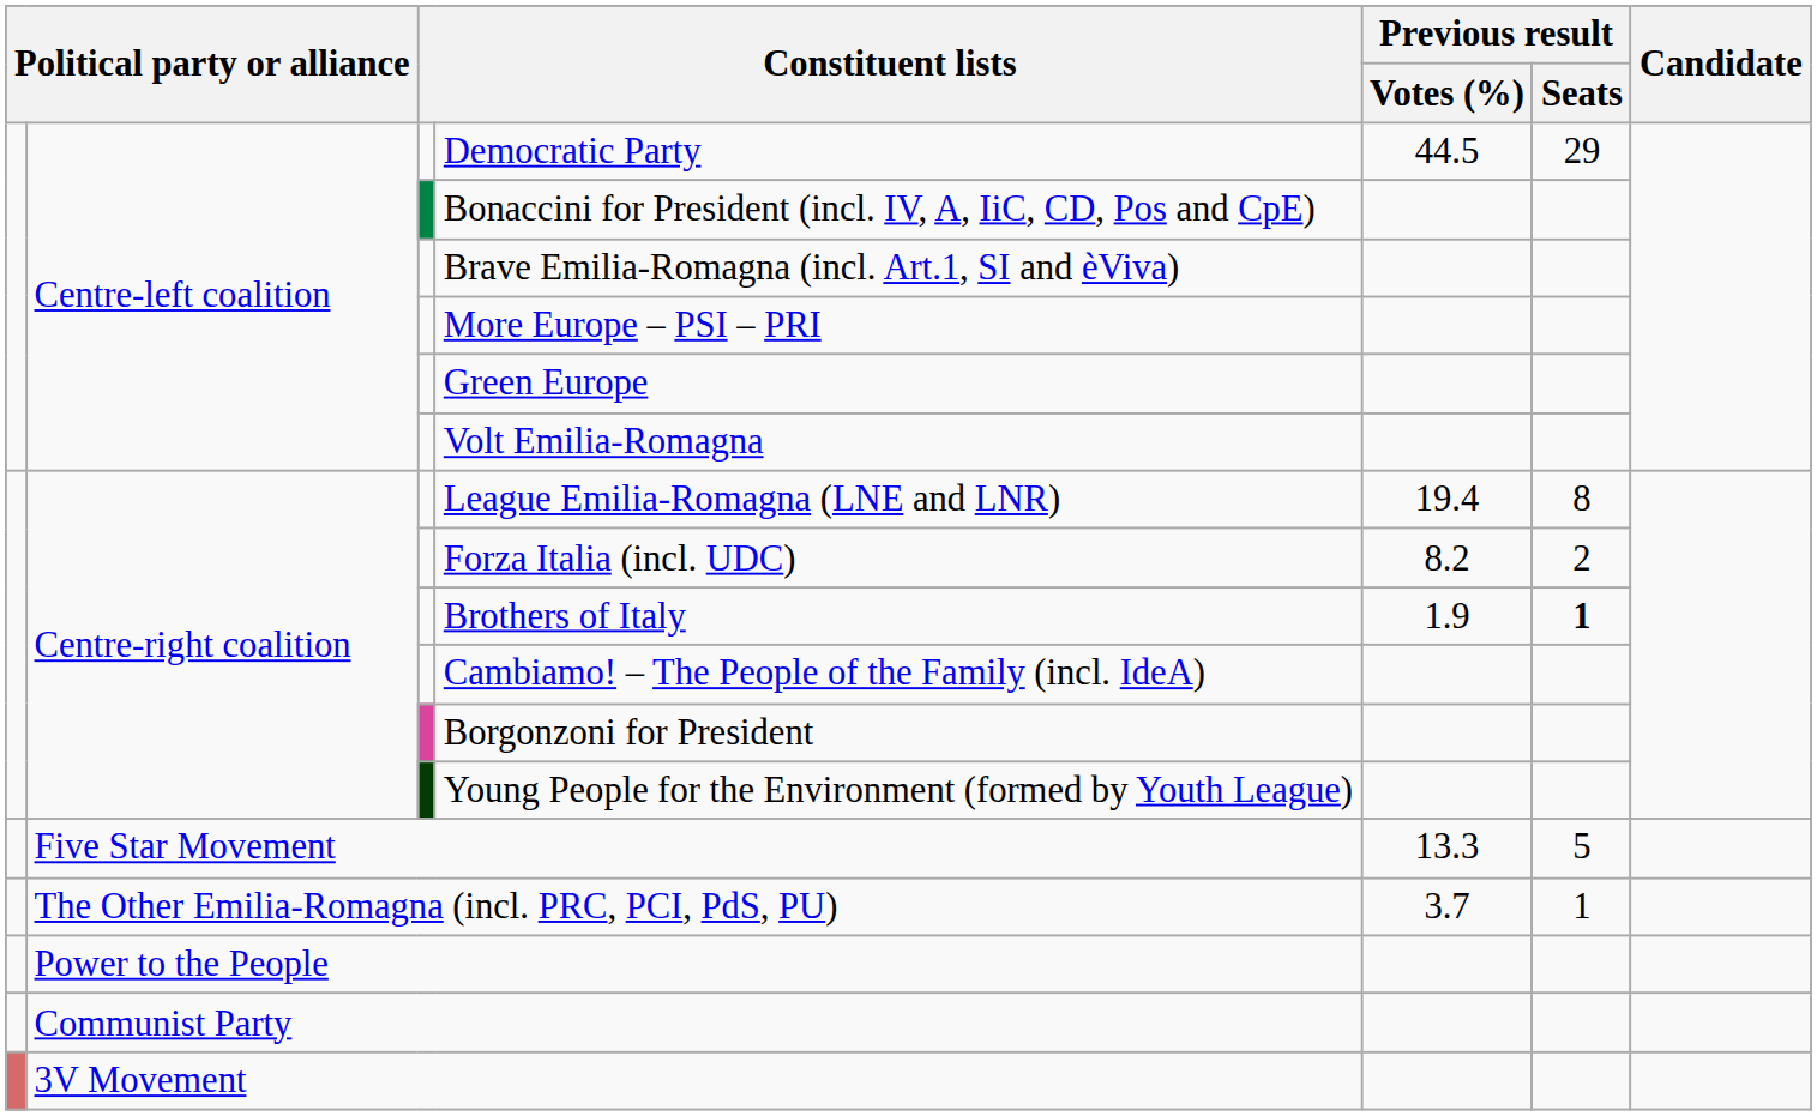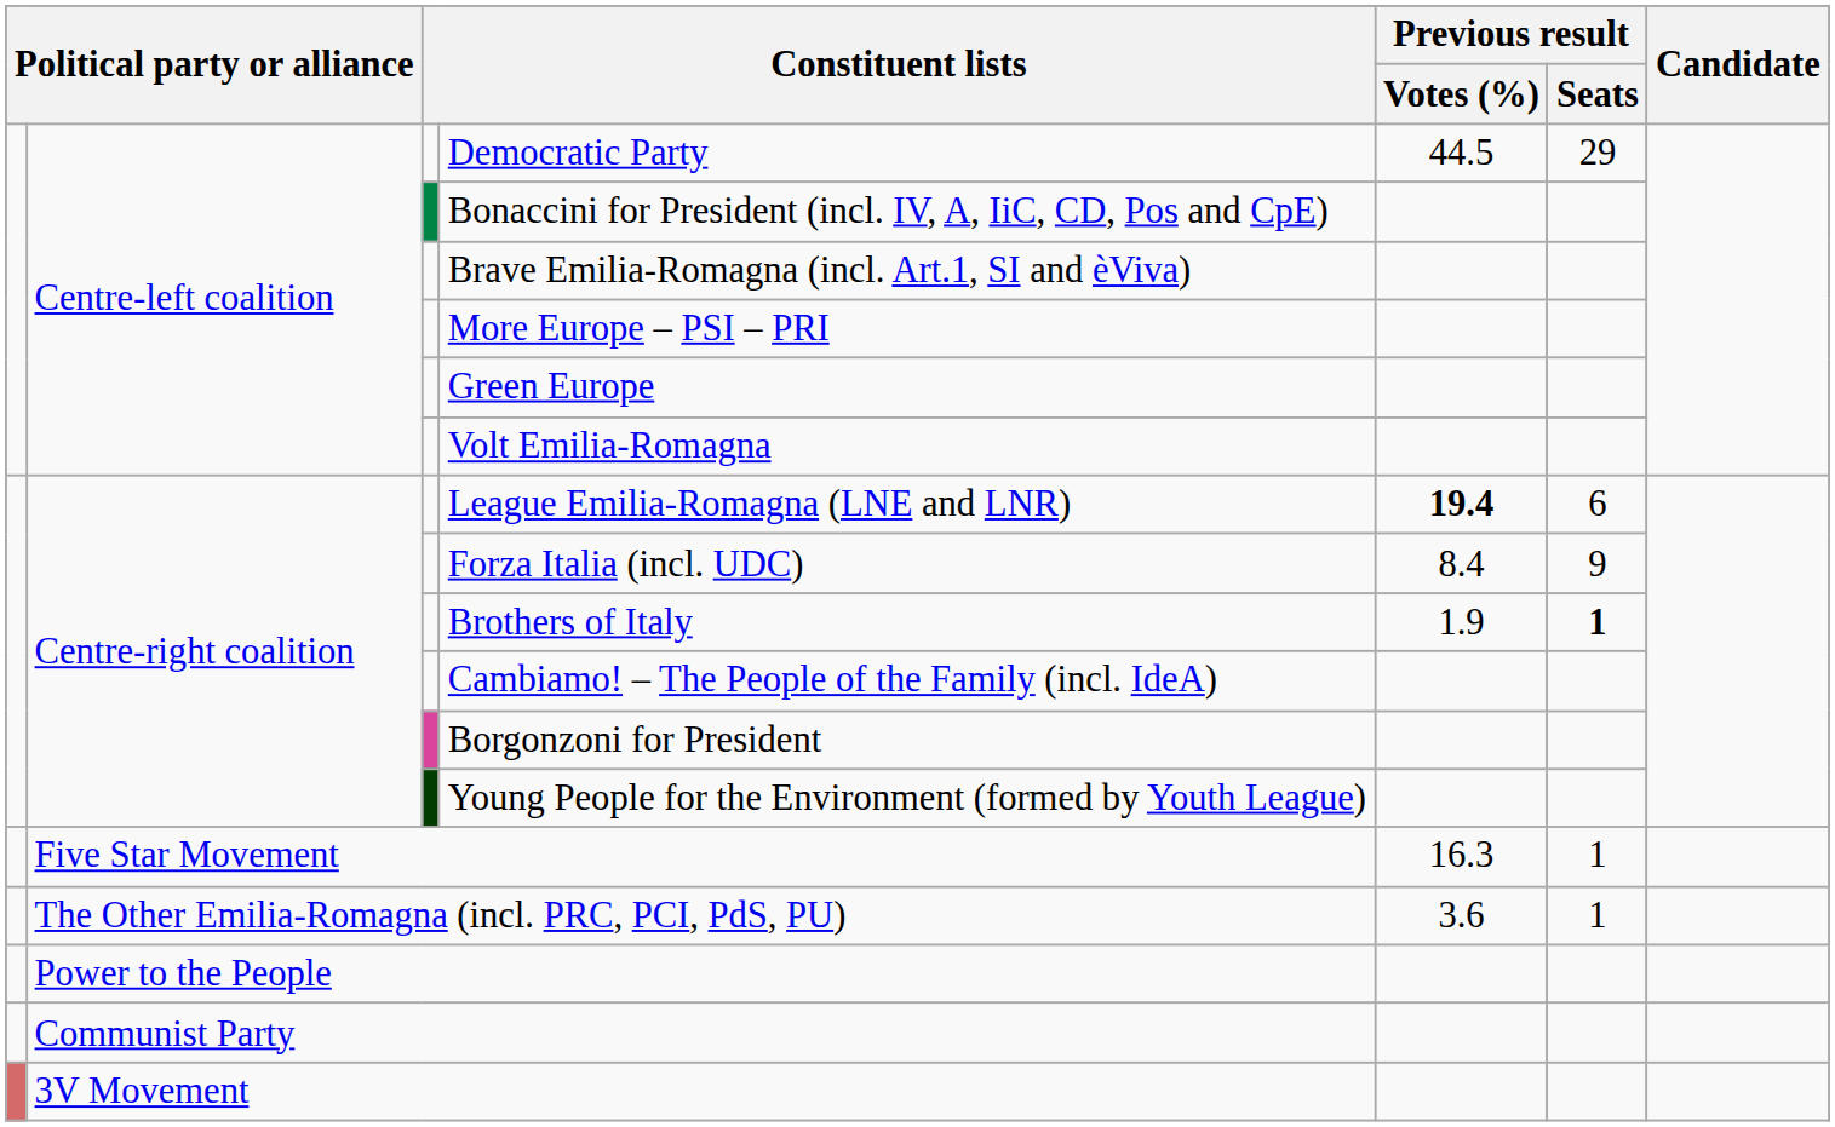 <table class=wikitable style=text-align:left>
 <tr>
 <th colspan=2 rowspan="2">Political party or alliance</th>
 <th colspan=2 rowspan="2">Constituent lists</th>
 <th colspan="2">Previous result</th>
 <th colspan="2" rowspan="2">Candidate</th>
 </tr>
 <tr>
 <th>Votes (%)</th>
 <th>Seats</th>
 </tr>
 <tr>
 <td rowspan="6"></td>
 <td rowspan=6><a href='#'>Centre-left coalition</a></td>
 <td></td>
 <td style="text-align:left;"><a href='#'>Democratic Party</a></td>
 <td style="text-align:center;">44.5</td>
 <td style="text-align:center;">29</td>
 <td rowspan="6"></td>
 </tr>
 <tr>
 <td bgcolor="#008445"></td>
 <td style="text-align:left;">Bonaccini for President (incl. <a href='#'>IV</a>, <a href='#'>A</a>, <a href='#'>IiC</a>, <a href='#'>CD</a>, <a href='#'>Pos</a> and <a href='#'>CpE</a>)</td>
 <td></td>
 <td></td>
 </tr>
 <tr>
 <td></td>
 <td style="text-align:left;">Brave Emilia-Romagna (incl. <a href='#'>Art.1</a>, <a href='#'>SI</a> and <a href='#'>èViva</a>)</td>
 <td></td>
 <td></td>
 </tr>
 <tr>
 <td></td>
 <td style="text-align:left;"><a href='#'>More Europe</a> – <a href='#'>PSI</a> – <a href='#'>PRI</a></td>
 <td></td>
 <td></td>
 </tr>
 <tr>
 <td></td>
 <td style="text-align:left;"><a href='#'>Green Europe</a></td>
 <td></td>
 <td></td>
 </tr>
 <tr>
 <td></td>
 <td style="text-align:left;"><a href='#'>Volt Emilia-Romagna</a></td>
 <td></td>
 <td></td>
 </tr>
 <tr>
 <td rowspan="6" style="background:"></td>
 <td rowspan=6><a href='#'>Centre-right coalition</a></td>
 <td></td>
 <td style="text-align:left;"><a href='#'>League Emilia-Romagna</a> (<a href='#'>LNE</a> and <a href='#'>LNR</a>)</td>
-<td align=center>19.4</td>
-<td align=center>8</td>
+<td align=center><strong>19.4</strong></td>
+<td align=center>6</td>
 <td rowspan="6"></td>
 </tr>
 <tr>
 <td></td>
 <td style="text-align:left;"><a href='#'>Forza Italia</a> (incl. <a href='#'>UDC</a>)</td>
-<td align=center>8.2</td>
-<td align=center>2</td>
+<td align=center>8.4</td>
+<td align=center>9</td>
 </tr>
 <tr>
 <td></td>
 <td style="text-align:left;"><a href='#'>Brothers of Italy</a></td>
 <td align=center>1.9</td>
 <td align=center><strong>1</strong></td>
 </tr>
 <tr>
 <td></td>
 <td style="text-align:left;"><a href='#'>Cambiamo!</a> – <a href='#'>The People of the Family</a> (incl. <a href='#'>IdeA</a>)</td>
 <td></td>
 <td></td>
 </tr>
 <tr>
 <td bgcolor="#D9449C"></td>
 <td style="text-align:left;">Borgonzoni for President</td>
 <td></td>
 <td></td>
 </tr>
 <tr>
 <td bgcolor="#023C00"></td>
 <td style="text-align:left;">Young People for the Environment (formed by <a href='#'>Youth League</a>)</td>
 <td></td>
 <td></td>
 </tr>
 <tr>
 <td style="background-color:"></td>
 <td colspan="3"><a href='#'>Five Star Movement</a></td>
-<td align=center>13.3</td>
-<td align=center>5</td>
+<td align=center>16.3</td>
+<td align=center>1</td>
 <td></td>
 </tr>
 <tr>
 <td style="background-color:"></td>
 <td colspan="3"><a href='#'>The Other Emilia-Romagna</a> (incl. <a href='#'>PRC</a>, <a href='#'>PCI</a>, <a href='#'>PdS</a>, <a href='#'>PU</a>)</td>
-<td align=center>3.7</td>
+<td align=center>3.6</td>
 <td align=center>1</td>
 <td></td>
 </tr>
 <tr>
 <td style="background-color:"></td>
 <td colspan="3"><a href='#'>Power to the People</a></td>
 <td></td>
 <td></td>
 <td></td>
 </tr>
 <tr>
 <td style="background-color:"></td>
 <td colspan="3"><a href='#'>Communist Party</a></td>
 <td></td>
 <td></td>
 <td></td>
 </tr>
 <tr>
 <td bgcolor="#D56A6A"></td>
 <td colspan="3"><a href='#'>3V Movement</a></td>
 <td></td>
 <td></td>
 <td></td>
 </tr>
 </table>
